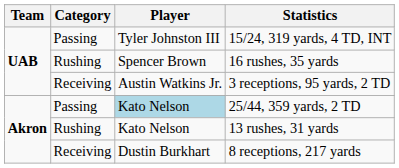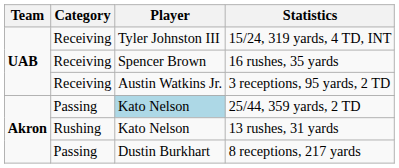 <table class="wikitable" style="float: left;">
 <tr>
 <th>Team</th>
 <th>Category</th>
 <th>Player</th>
 <th>Statistics</th>
 </tr>
 <tr>
 <td rowspan=3><strong>UAB</strong></td>
-<td>Passing</td>
+<td>Receiving</td>
 <td>Tyler Johnston III</td>
 <td>15/24, 319 yards, 4 TD, INT</td>
 </tr>
 <tr>
-<td>Rushing</td>
+<td>Receiving</td>
 <td>Spencer Brown</td>
 <td>16 rushes, 35 yards</td>
 </tr>
 <tr>
 <td>Receiving</td>
 <td>Austin Watkins Jr.</td>
 <td>3 receptions, 95 yards, 2 TD</td>
 </tr>
 <tr>
 <td rowspan=3><strong>Akron</strong></td>
 <td>Passing</td>
 <td style="background: lightblue;">Kato Nelson</td>
 <td>25/44, 359 yards, 2 TD</td>
 </tr>
 <tr>
 <td>Rushing</td>
 <td>Kato Nelson</td>
 <td>13 rushes, 31 yards</td>
 </tr>
 <tr>
-<td>Receiving</td>
+<td>Passing</td>
 <td>Dustin Burkhart</td>
 <td>8 receptions, 217 yards</td>
 </tr>
 </table>
